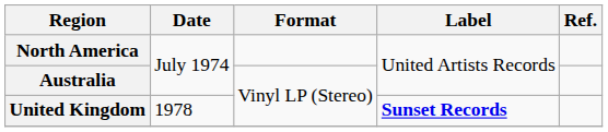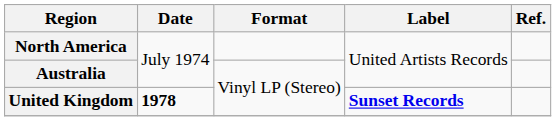 <table class="wikitable plainrowheaders">
 <tr>
 <th scope="col">Region</th>
 <th scope="col">Date</th>
 <th scope="col">Format</th>
 <th scope="col">Label</th>
 <th scope="col">Ref.</th>
 </tr>
 <tr>
 <th scope="row">North America</th>
 <td rowspan="2">July 1974</td>
 <td></td>
 <td rowspan="2">United Artists Records</td>
 <td></td>
 </tr>
 <tr>
 <th scope="row">Australia</th>
 <td rowspan="2">Vinyl LP (Stereo)</td>
 <td></td>
 </tr>
 <tr>
 <th scope="row">United Kingdom</th>
-<td>1978</td>
+<td><strong>1978</strong></td>
 <td><strong><a href='#'>Sunset Records</a></strong></td>
 <td></td>
 </tr>
 <tr>
 </tr>
 </table>
